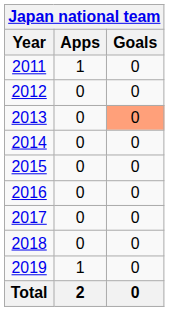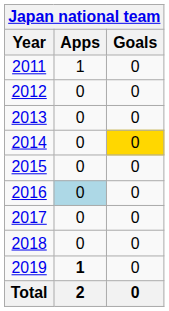 <table class="wikitable" style="text-align:center">
 <tr>
 <th colspan=3><a href='#'>Japan national team</a></th>
 </tr>
 <tr>
 <th>Year</th>
 <th>Apps</th>
 <th>Goals</th>
 </tr>
 <tr>
 <td><a href='#'>2011</a></td>
 <td>1</td>
 <td>0</td>
 </tr>
 <tr>
 <td><a href='#'>2012</a></td>
 <td>0</td>
 <td>0</td>
 </tr>
 <tr>
 <td><a href='#'>2013</a></td>
 <td>0</td>
-<td style="background: lightsalmon;">0</td>
+<td>0</td>
 </tr>
 <tr>
 <td><a href='#'>2014</a></td>
 <td>0</td>
-<td>0</td>
+<td style="background: gold;">0</td>
 </tr>
 <tr>
 <td><a href='#'>2015</a></td>
 <td>0</td>
 <td>0</td>
 </tr>
 <tr>
 <td><a href='#'>2016</a></td>
-<td>0</td>
+<td style="background: lightblue;">0</td>
 <td>0</td>
 </tr>
 <tr>
 <td><a href='#'>2017</a></td>
 <td>0</td>
 <td>0</td>
 </tr>
 <tr>
 <td><a href='#'>2018</a></td>
 <td>0</td>
 <td>0</td>
 </tr>
 <tr>
 <td><a href='#'>2019</a></td>
-<td>1</td>
+<td><strong>1</strong></td>
 <td>0</td>
 </tr>
 <tr>
 <th>Total</th>
 <th>2</th>
 <th>0</th>
 </tr>
 </table>
